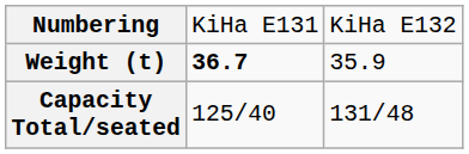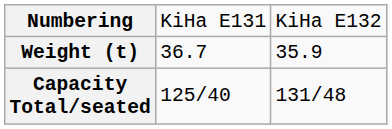 <table class="wikitable">
 <tr>
 <th>Numbering</th>
 <td>KiHa E131</td>
 <td>KiHa E132</td>
 </tr>
 <tr>
 <th>Weight (t)</th>
-<td><strong>36.7</strong></td>
+<td>36.7</td>
 <td>35.9</td>
 </tr>
 <tr>
 <th>Capacity<br>Total/seated</th>
 <td>125/40</td>
 <td>131/48</td>
 </tr>
 </table>
